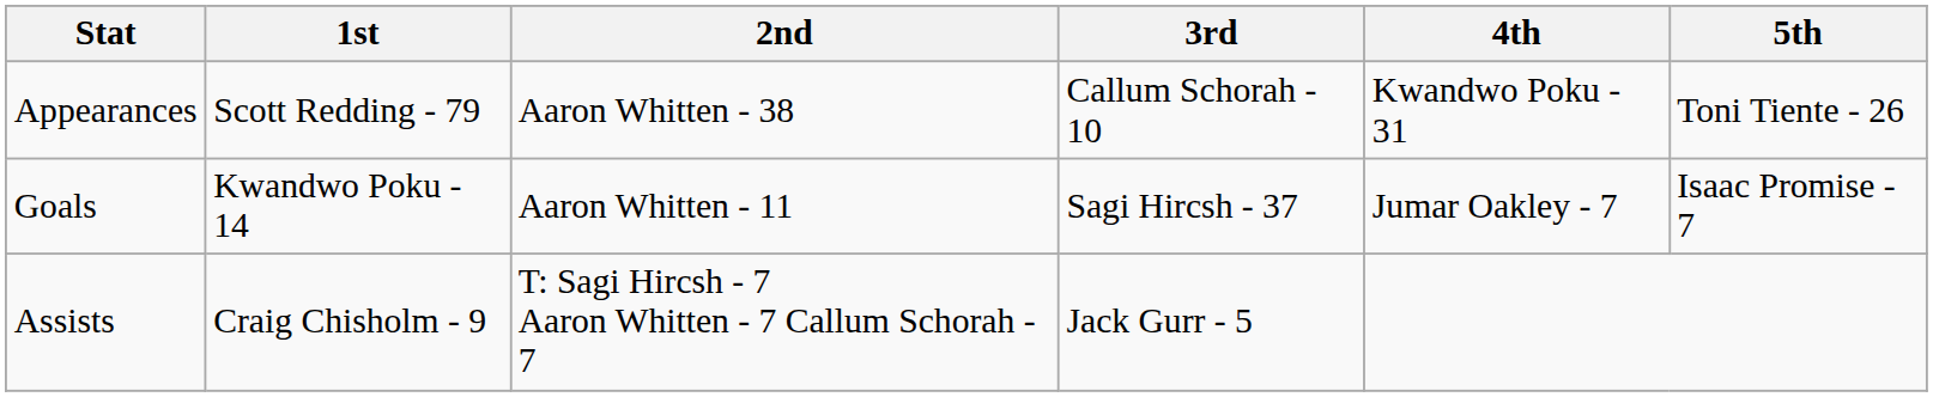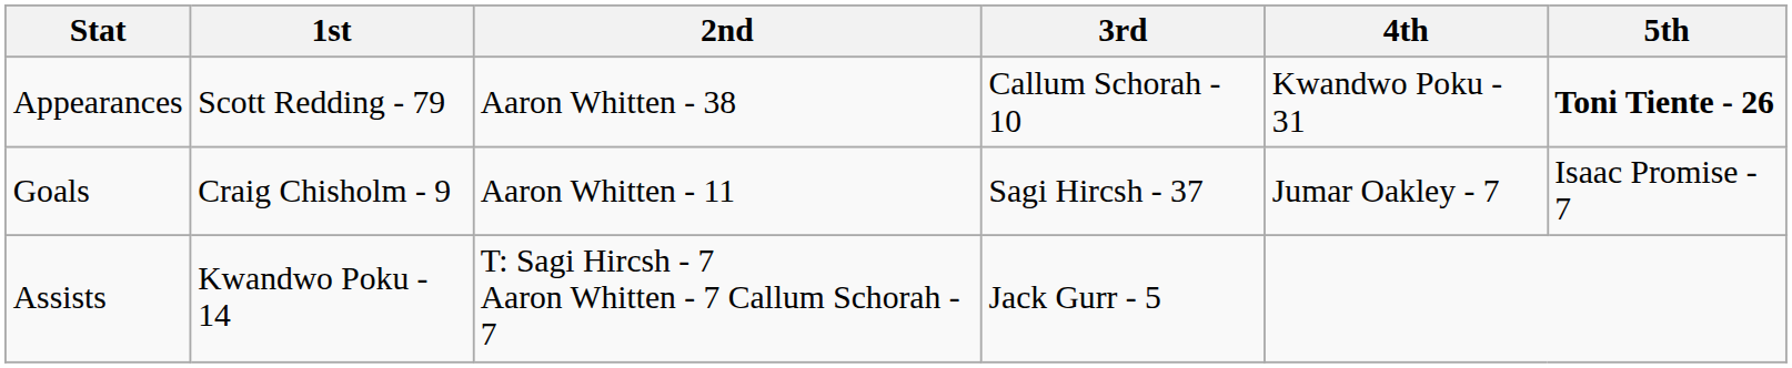 <table class="wikitable">
 <tr>
 <th>Stat</th>
 <th>1st</th>
 <th>2nd</th>
 <th>3rd</th>
 <th>4th</th>
 <th>5th</th>
 </tr>
 <tr>
 <td>Appearances</td>
 <td>Scott Redding - 79</td>
 <td>Aaron Whitten - 38</td>
 <td>Callum Schorah - 10</td>
 <td>Kwandwo Poku - 31</td>
-<td>Toni Tiente - 26</td>
+<td><strong>Toni Tiente - 26</strong></td>
 </tr>
 <tr>
 <td>Goals</td>
-<td>Kwandwo Poku - 14</td>
+<td>Craig Chisholm - 9</td>
 <td>Aaron Whitten - 11</td>
 <td>Sagi Hircsh - 37</td>
 <td>Jumar Oakley - 7</td>
 <td>Isaac Promise - 7</td>
 </tr>
 <tr>
 <td>Assists</td>
-<td>Craig Chisholm - 9</td>
+<td>Kwandwo Poku - 14</td>
 <td>T: Sagi Hircsh - 7<br>Aaron Whitten - 7      Callum Schorah - 7</td>
 <td>Jack Gurr - 5</td>
 </tr>
 </table>
